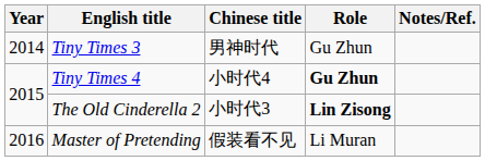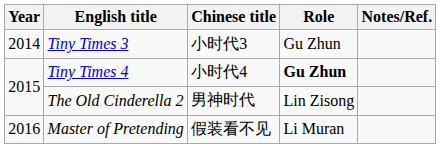 <table class="wikitable">
 <tr>
 <th>Year</th>
 <th>English title</th>
 <th>Chinese title</th>
 <th>Role</th>
 <th>Notes/Ref.</th>
 </tr>
 <tr>
 <td>2014</td>
 <td><em><a href='#'>Tiny Times 3</a></em></td>
-<td>男神时代</td>
+<td>小时代3</td>
 <td>Gu Zhun</td>
 <td></td>
 </tr>
 <tr>
 <td rowspan=2>2015</td>
 <td><em><a href='#'>Tiny Times 4</a></em></td>
 <td>小时代4</td>
 <td><strong>Gu Zhun</strong></td>
 <td></td>
 </tr>
 <tr>
 <td><em>The Old Cinderella 2</em></td>
-<td>小时代3</td>
-<td><strong>Lin Zisong</strong></td>
+<td>男神时代</td>
+<td>Lin Zisong</td>
 <td></td>
 </tr>
 <tr>
 <td rowspan=1>2016</td>
 <td><em>Master of Pretending</em></td>
 <td>假装看不见</td>
 <td>Li Muran</td>
 <td></td>
 </tr>
 <tr>
 </tr>
 </table>
